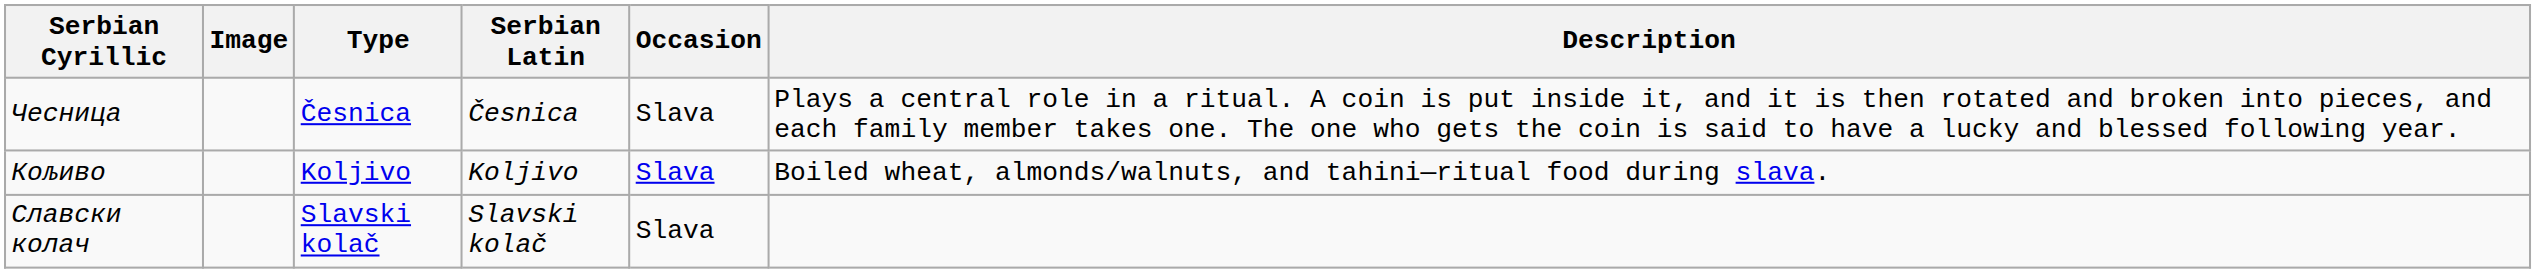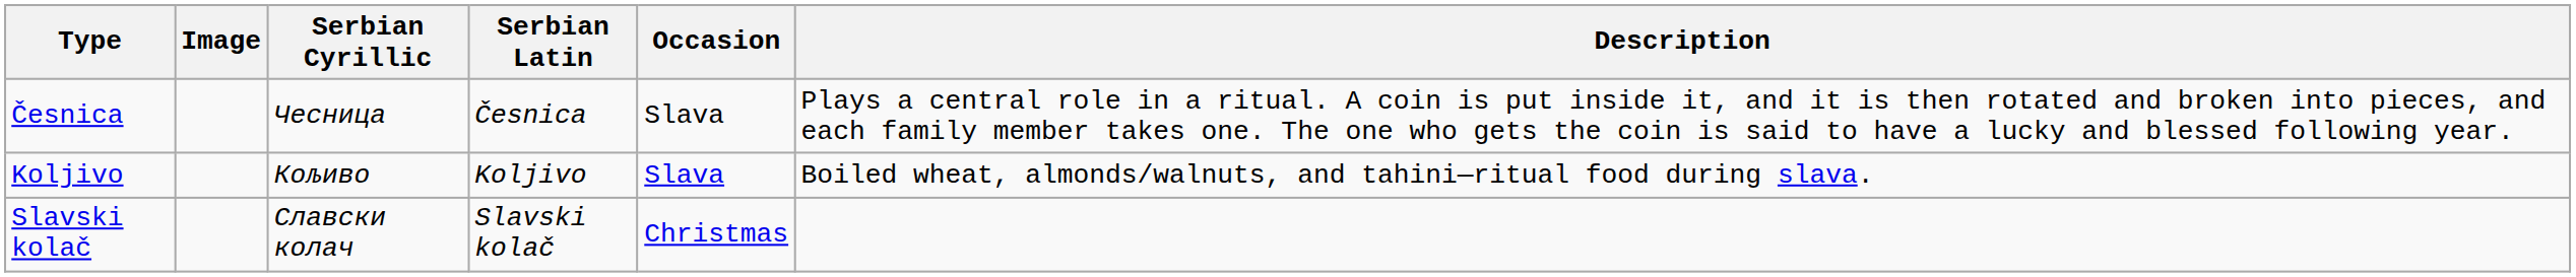 <table class="wikitable">
 <tr>
+<th>Type</th>
+<th>Image</th>
 <th>Serbian Cyrillic</th>
-<th>Image</th>
-<th>Type</th>
 <th>Serbian Latin</th>
 <th>Occasion</th>
 <th>Description</th>
 </tr>
 <tr>
+<td><a href='#'>Česnica</a></td>
+<td></td>
 <td><em>Чесница</em></td>
-<td></td>
-<td><a href='#'>Česnica</a></td>
 <td><em>Česnica</em></td>
 <td>Slava</td>
 <td>Plays a central role in a ritual. A coin is put inside it, and it is then rotated and broken into pieces, and each family member takes one. The one who gets the coin is said to have a lucky and blessed following year.</td>
 </tr>
 <tr>
+<td><a href='#'>Koljivo</a></td>
+<td></td>
 <td><em>Кољиво</em></td>
-<td></td>
-<td><a href='#'>Koljivo</a></td>
 <td><em>Koljivo</em></td>
 <td><a href='#'>Slava</a></td>
 <td>Boiled wheat, almonds/walnuts, and tahini—ritual food during <a href='#'>slava</a>.</td>
 </tr>
 <tr>
+<td><a href='#'>Slavski kolač</a></td>
+<td></td>
 <td><em>Славски колач</em></td>
-<td></td>
-<td><a href='#'>Slavski kolač</a></td>
 <td><em>Slavski kolač</em></td>
-<td>Slava</td>
+<td><a href='#'>Christmas</a></td>
 <td></td>
 </tr>
 </table>
